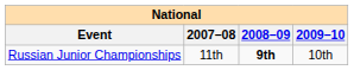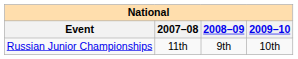 <table class="wikitable" style="text-align:center">
 <tr>
 <th style="background-color: #ffdead; " colspan=4 align=center>National</th>
 </tr>
 <tr>
 <th>Event</th>
 <th>2007–08</th>
 <th><a href='#'>2008–09</a></th>
 <th><a href='#'>2009–10</a></th>
 </tr>
 <tr>
 <td align=left><a href='#'>Russian Junior Championships</a></td>
 <td>11th</td>
-<td><strong>9th</strong></td>
+<td>9th</td>
 <td>10th</td>
 </tr>
 </table>
